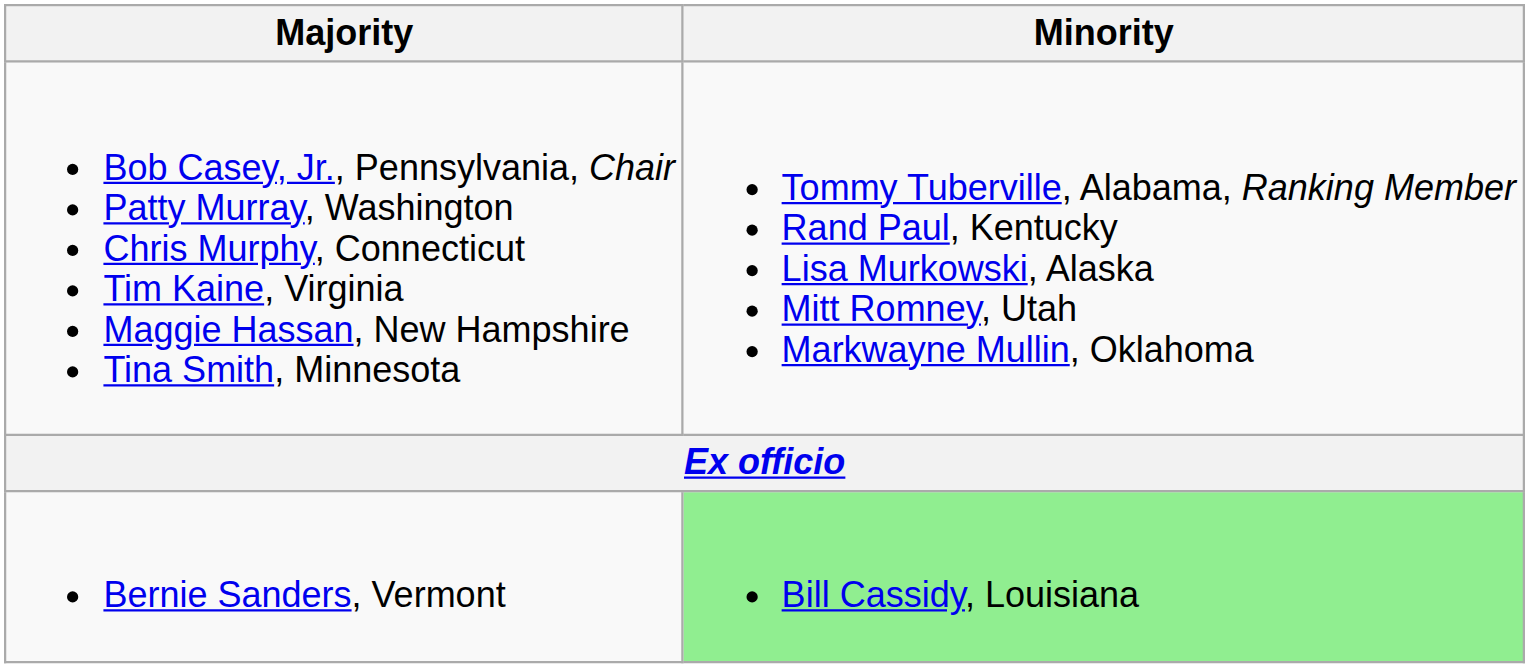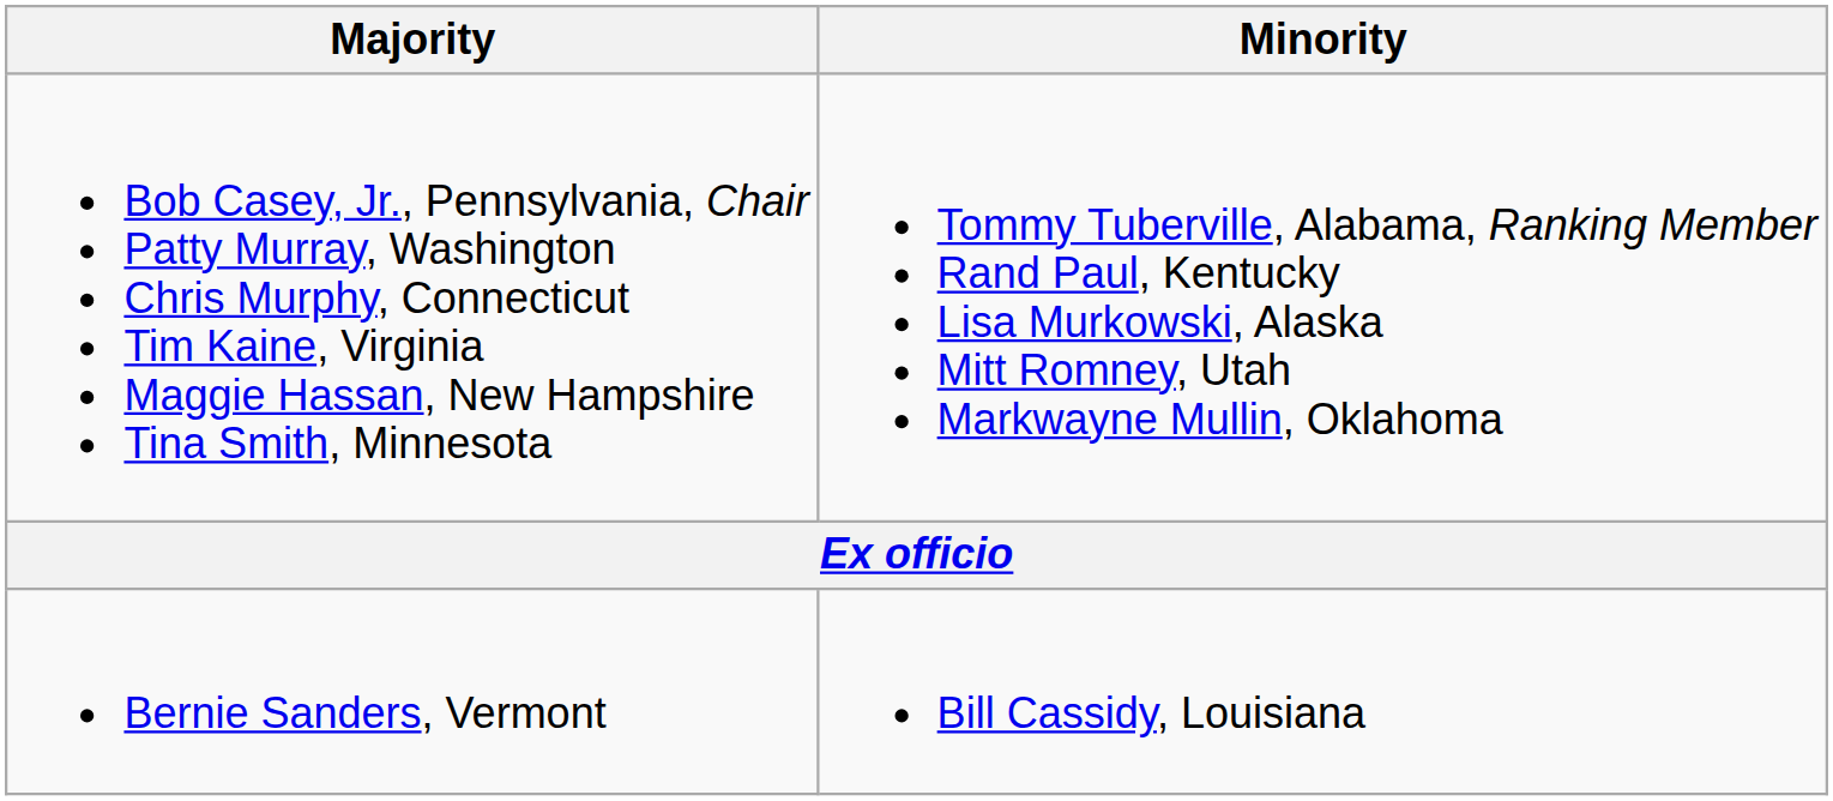 <table class=wikitable>
 <tr>
 <th>Majority</th>
 <th>Minority</th>
 </tr>
 <tr>
 <td><br><ul><li><a href='#'>Bob Casey, Jr.</a>, Pennsylvania, <em>Chair</em></li><li><a href='#'>Patty Murray</a>, Washington</li><li><a href='#'>Chris Murphy</a>, Connecticut</li><li><a href='#'>Tim Kaine</a>, Virginia</li><li><a href='#'>Maggie Hassan</a>, New Hampshire</li><li><a href='#'>Tina Smith</a>, Minnesota</li></ul></td>
 <td><br><ul><li><a href='#'>Tommy Tuberville</a>, Alabama, <em>Ranking Member</em></li><li><a href='#'>Rand Paul</a>, Kentucky</li><li><a href='#'>Lisa Murkowski</a>, Alaska</li><li><a href='#'>Mitt Romney</a>, Utah</li><li><a href='#'>Markwayne Mullin</a>, Oklahoma</li></ul></td>
 </tr>
 <tr>
 <th colspan=2><em><a href='#'>Ex officio</a></em></th>
 </tr>
 <tr>
 <td><br><ul><li><span><a href='#'>Bernie Sanders</a>, Vermont</span></li></ul></td>
-<td style="background: lightgreen;"><br><ul><li><a href='#'>Bill Cassidy</a>, Louisiana</li></ul></td>
+<td><br><ul><li><a href='#'>Bill Cassidy</a>, Louisiana</li></ul></td>
 </tr>
 </table>
